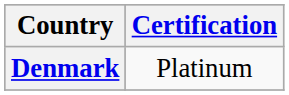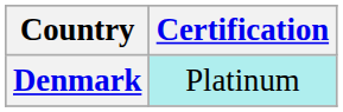 <table class="wikitable plainrowheaders">
 <tr>
 <th>Country</th>
 <th><a href='#'>Certification</a></th>
 </tr>
 <tr>
 <th scope="row"><a href='#'>Denmark</a></th>
-<td style="text-align:center;">Platinum</td>
+<td style="background: paleturquoise; text-align:center;">Platinum</td>
 </tr>
 </table>
